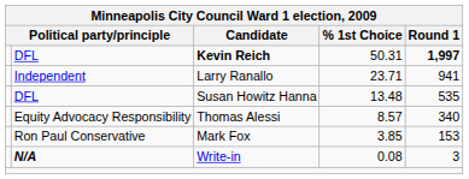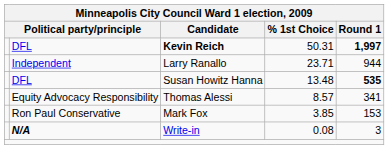 <table class="wikitable" style="font-size:95%">
 <tr>
 <th colspan="5">Minneapolis City Council Ward 1 election, 2009</th>
 </tr>
 <tr>
 <th colspan="2">Political party/principle</th>
 <th>Candidate</th>
 <th>% 1st Choice</th>
 <th>Round 1</th>
 </tr>
 <tr>
 <td style="background-color:"></td>
 <td><a href='#'>DFL</a></td>
 <td><strong>Kevin Reich</strong></td>
 <td align="right">50.31</td>
 <td align="right"><strong>1,997</strong></td>
 </tr>
 <tr>
 <td style="background-color:"></td>
 <td><a href='#'>Independent</a></td>
 <td>Larry Ranallo</td>
 <td align="right">23.71</td>
-<td align="right">941</td>
+<td align="right">944</td>
 </tr>
 <tr>
 <td style="background-color:"></td>
 <td><a href='#'>DFL</a></td>
 <td>Susan Howitz Hanna</td>
 <td align="right">13.48</td>
-<td align="right">535</td>
+<td align="right"><strong>535</strong></td>
 </tr>
 <tr>
 <td style="background-color:"></td>
 <td>Equity Advocacy Responsibility</td>
 <td>Thomas Alessi</td>
 <td align="right">8.57</td>
-<td align="right">340</td>
+<td align="right">341</td>
 </tr>
 <tr>
 <td style="background-color:"></td>
 <td>Ron Paul Conservative</td>
 <td>Mark Fox</td>
 <td align="right">3.85</td>
 <td align="right">153</td>
 </tr>
 <tr>
 <td style="background-color:"></td>
 <td><strong><em>N/A</em></strong></td>
 <td><a href='#'>Write-in</a></td>
 <td align="right">0.08</td>
 <td align="right">3</td>
 </tr>
 <tr>
 <td colspan="5"></td>
 </tr>
 </table>
